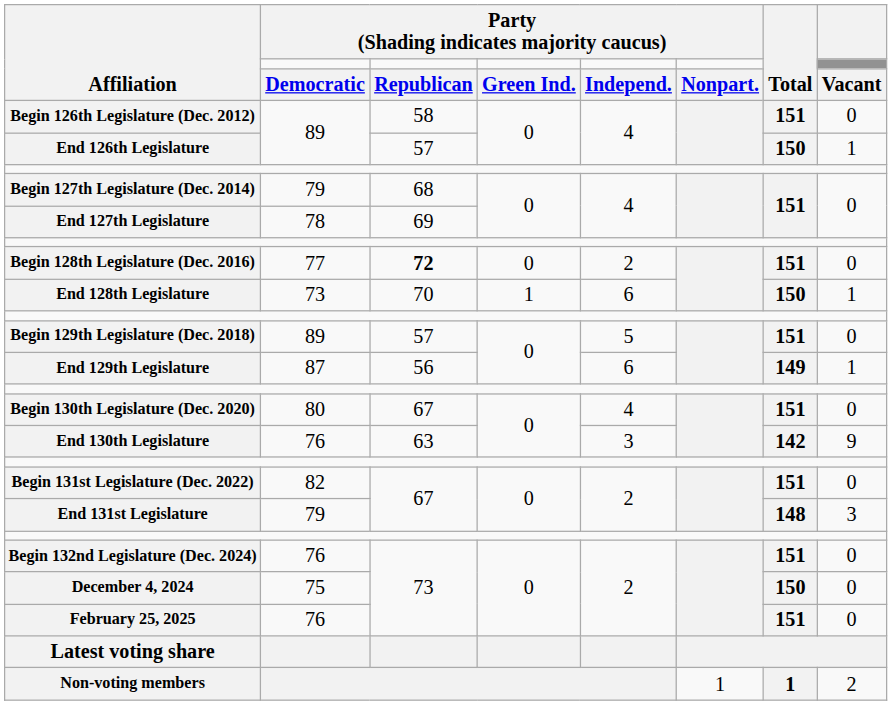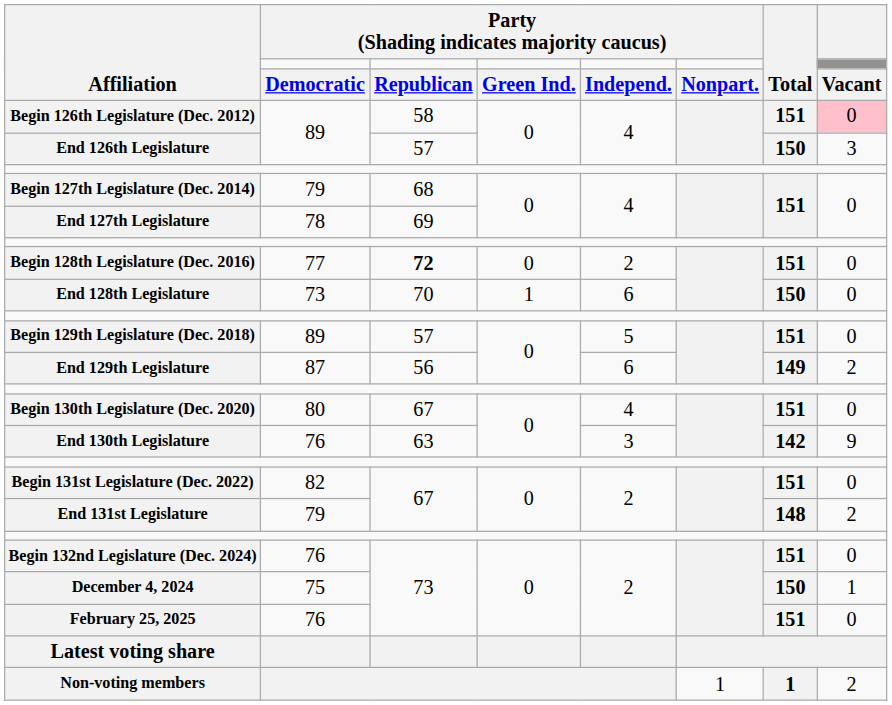 <table class=wikitable style="text-align:center">
 <tr style="vertical-align:bottom;">
 <th rowspan=3>Affiliation</th>
 <th colspan=5>Party <div>(Shading indicates majority caucus)</div></th>
 <th rowspan=3>Total</th>
 <th></th>
 </tr>
 <tr style="height:5px">
 <td style="background-color:"></td>
 <td style="background-color:"></td>
 <td style="background-color:"></td>
 <td style="background-color:"></td>
 <td style="background-color:"></td>
 <td style="background-color:#929292"></td>
 </tr>
 <tr>
 <th><a href='#'>Democratic</a></th>
 <th><a href='#'>Republican</a></th>
 <th><a href='#'>Green Ind.</a></th>
 <th><a href='#'>Independ.</a></th>
 <th><a href='#'>Nonpart.</a></th>
 <th>Vacant</th>
 </tr>
 <tr>
 <th nowrap style="font-size:80%">Begin 126th Legislature (Dec. 2012)</th>
 <td rowspan=2 >89</td>
 <td>58</td>
 <td rowspan=2>0</td>
 <td rowspan=2>4</td>
 <th rowspan=2></th>
 <th>151</th>
-<td>0</td>
+<td style="background: pink;">0</td>
 </tr>
 <tr>
 <th nowrap style="font-size:80%">End 126th Legislature</th>
 <td>57</td>
 <th>150</th>
-<td>1</td>
+<td>3</td>
 </tr>
 <tr>
 <td colspan=8></td>
 </tr>
 <tr>
 <th nowrap style="font-size:80%">Begin 127th Legislature (Dec. 2014)</th>
 <td>79</td>
 <td>68</td>
 <td rowspan=2>0</td>
 <td rowspan=2>4</td>
 <th rowspan=2></th>
 <th rowspan=2>151</th>
 <td rowspan=2>0</td>
 </tr>
 <tr>
 <th nowrap style="font-size:80%">End 127th Legislature</th>
 <td>78</td>
 <td>69</td>
 </tr>
 <tr>
 <td colspan=8></td>
 </tr>
 <tr>
 <th nowrap style="font-size:80%">Begin 128th Legislature (Dec. 2016)</th>
 <td>77</td>
 <td><strong>72</strong></td>
 <td>0</td>
 <td>2</td>
 <th rowspan=2></th>
 <th>151</th>
 <td>0</td>
 </tr>
 <tr>
 <th nowrap style="font-size:80%">End 128th Legislature</th>
 <td>73</td>
 <td>70</td>
 <td>1</td>
 <td>6</td>
 <th>150</th>
-<td>1</td>
+<td>0</td>
 </tr>
 <tr>
 <td colspan=8></td>
 </tr>
 <tr>
 <th nowrap style="font-size:80%">Begin 129th Legislature (Dec. 2018)</th>
 <td>89</td>
 <td>57</td>
 <td rowspan=2>0</td>
 <td>5</td>
 <th rowspan=2></th>
 <th>151</th>
 <td>0</td>
 </tr>
 <tr>
 <th nowrap style="font-size:80%">End 129th Legislature</th>
 <td>87</td>
 <td>56</td>
 <td>6</td>
 <th>149</th>
-<td>1</td>
+<td>2</td>
 </tr>
 <tr>
 <td colspan=8></td>
 </tr>
 <tr>
 <th nowrap style="font-size:80%">Begin 130th Legislature (Dec. 2020)</th>
 <td>80</td>
 <td>67</td>
 <td rowspan=2>0</td>
 <td>4</td>
 <th rowspan=2></th>
 <th>151</th>
 <td>0</td>
 </tr>
 <tr>
 <th nowrap style="font-size:80%">End 130th Legislature</th>
 <td>76</td>
 <td>63</td>
 <td>3</td>
 <th>142</th>
 <td>9</td>
 </tr>
 <tr>
 <td colspan=8></td>
 </tr>
 <tr>
 <th nowrap style="font-size:80%">Begin 131st Legislature (Dec. 2022)</th>
 <td>82</td>
 <td rowspan=2>67</td>
 <td rowspan=2>0</td>
 <td rowspan=2>2</td>
 <th rowspan=2></th>
 <th>151</th>
 <td>0</td>
 </tr>
 <tr>
 <th nowrap style="font-size:80%">End 131st Legislature</th>
 <td>79</td>
 <th>148</th>
-<td>3</td>
+<td>2</td>
 </tr>
 <tr>
 <td colspan=8></td>
 </tr>
 <tr>
 <th nowrap style="font-size:80%">Begin 132nd Legislature (Dec. 2024)</th>
 <td>76</td>
 <td rowspan=3>73</td>
 <td rowspan=3>0</td>
 <td rowspan=3>2</td>
 <th rowspan=3></th>
 <th>151</th>
 <td>0</td>
 </tr>
 <tr>
 <th nowrap style="font-size:80%">December 4, 2024</th>
 <td>75</td>
 <th>150</th>
-<td>0</td>
+<td>1</td>
 </tr>
 <tr>
 <th nowrap style="font-size:80%">February 25, 2025</th>
 <td>76</td>
 <th>151</th>
 <td>0</td>
 </tr>
 <tr>
 <th>Latest voting share</th>
 <th></th>
 <th></th>
 <th></th>
 <th></th>
 <th colspan=3></th>
 </tr>
 <tr>
 <th style=font-size:80%>Non-voting members</th>
 <th colspan=4></th>
 <td>1</td>
 <th>1</th>
 <td>2</td>
 </tr>
 </table>
